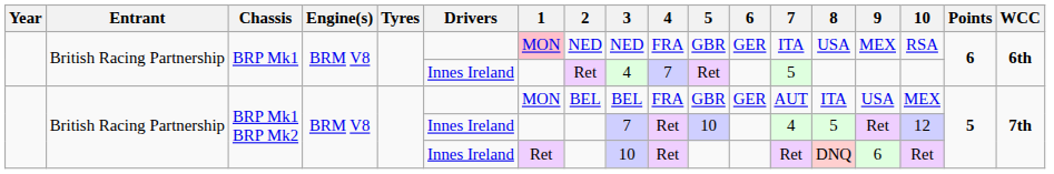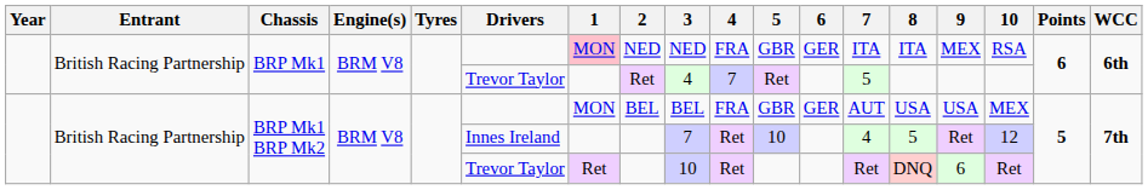 <table class="wikitable" style="text-align:center; font-size:85%">
 <tr>
 <th>Year</th>
 <th>Entrant</th>
 <th>Chassis</th>
 <th>Engine(s)</th>
 <th>Tyres</th>
 <th>Drivers</th>
 <th>1</th>
 <th>2</th>
 <th>3</th>
 <th>4</th>
 <th>5</th>
 <th>6</th>
 <th>7</th>
 <th>8</th>
 <th>9</th>
 <th>10</th>
 <th>Points</th>
 <th>WCC</th>
 </tr>
 <tr>
 <td rowspan="2"></td>
 <td rowspan="2">British Racing Partnership</td>
 <td rowspan="2"><a href='#'>BRP Mk1</a></td>
 <td rowspan="2"><a href='#'>BRM</a> <a href='#'>V8</a></td>
 <td rowspan="2"></td>
 <td></td>
 <td style="background: pink;"><a href='#'>MON</a></td>
 <td><a href='#'>NED</a></td>
 <td><a href='#'>NED</a></td>
 <td><a href='#'>FRA</a></td>
 <td><a href='#'>GBR</a></td>
 <td><a href='#'>GER</a></td>
 <td><a href='#'>ITA</a></td>
-<td><a href='#'>USA</a></td>
+<td><a href='#'>ITA</a></td>
 <td><a href='#'>MEX</a></td>
 <td><a href='#'>RSA</a></td>
 <td rowspan="2"><strong>6</strong></td>
 <td rowspan="2"><strong>6th</strong></td>
 </tr>
 <tr>
-<td align="left"> <a href='#'>Innes Ireland</a></td>
+<td align="left"> <a href='#'>Trevor Taylor</a></td>
 <td></td>
 <td style="background:#EFCFFF;">Ret</td>
 <td style="background:#DFFFDF;">4</td>
 <td style="background:#CFCFFF;">7</td>
 <td style="background:#EFCFFF;">Ret</td>
 <td></td>
 <td style="background:#DFFFDF;">5</td>
 <td></td>
 <td></td>
 <td></td>
 </tr>
 <tr>
 <td rowspan="3"></td>
 <td rowspan="3">British Racing Partnership</td>
 <td rowspan="3"><a href='#'>BRP Mk1</a><br><a href='#'>BRP Mk2</a></td>
 <td rowspan="3"><a href='#'>BRM</a> <a href='#'>V8</a></td>
 <td rowspan="3"></td>
 <td></td>
 <td><a href='#'>MON</a></td>
 <td><a href='#'>BEL</a></td>
 <td><a href='#'>BEL</a></td>
 <td><a href='#'>FRA</a></td>
 <td><a href='#'>GBR</a></td>
 <td><a href='#'>GER</a></td>
 <td><a href='#'>AUT</a></td>
-<td><a href='#'>ITA</a></td>
+<td><a href='#'>USA</a></td>
 <td><a href='#'>USA</a></td>
 <td><a href='#'>MEX</a></td>
 <td rowspan="3"><strong>5</strong></td>
 <td rowspan="3"><strong>7th</strong></td>
 </tr>
 <tr>
 <td align="left"> <a href='#'>Innes Ireland</a></td>
 <td></td>
 <td></td>
 <td style="background:#CFCFFF;">7</td>
 <td style="background:#EFCFFF;">Ret</td>
 <td style="background:#CFCFFF;">10</td>
 <td></td>
 <td style="background:#DFFFDF;">4</td>
 <td style="background:#DFFFDF;">5</td>
 <td style="background:#EFCFFF;">Ret</td>
 <td style="background:#CFCFFF;">12</td>
 </tr>
 <tr>
-<td align="left"> <a href='#'>Innes Ireland</a></td>
+<td align="left"> <a href='#'>Trevor Taylor</a></td>
 <td style="background:#EFCFFF;">Ret</td>
 <td></td>
 <td style="background:#CFCFFF;">10</td>
 <td style="background:#EFCFFF;">Ret</td>
 <td></td>
 <td></td>
 <td style="background:#EFCFFF;">Ret</td>
 <td style="background:#FFCFCF;">DNQ</td>
 <td style="background:#DFFFDF;">6</td>
 <td style="background:#EFCFFF;">Ret</td>
 </tr>
 </table>
